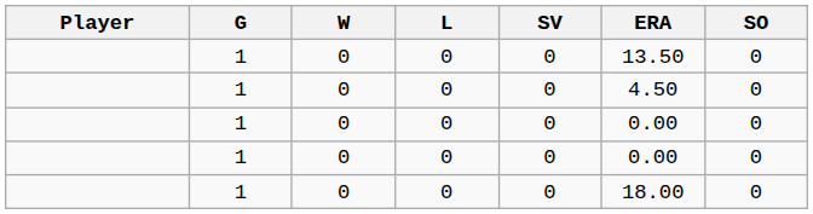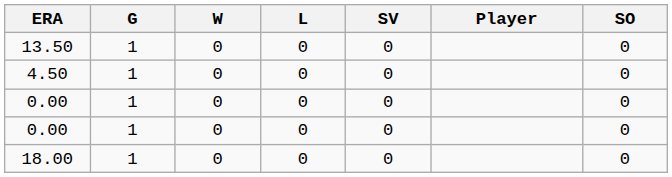 <table class="wikitable sortable">
 <tr>
-<th bgcolor="#DDDDFF" width="16%">Player</th>
+<th bgcolor="#DDDDFF" width="9%">ERA</th>
 <th bgcolor="#DDDDFF" width="9%">G</th>
 <th bgcolor="#DDDDFF" width="9%">W</th>
 <th bgcolor="#DDDDFF" width="9%">L</th>
 <th bgcolor="#DDDDFF" width="9%">SV</th>
-<th bgcolor="#DDDDFF" width="9%">ERA</th>
+<th bgcolor="#DDDDFF" width="16%">Player</th>
 <th bgcolor="#DDDDFF" width="9%">SO</th>
 </tr>
 <tr align="center">
-<td></td>
+<td>13.50</td>
 <td>1</td>
 <td>0</td>
 <td>0</td>
 <td>0</td>
-<td>13.50</td>
+<td></td>
 <td>0</td>
 </tr>
 <tr align="center">
-<td></td>
+<td>4.50</td>
 <td>1</td>
 <td>0</td>
 <td>0</td>
 <td>0</td>
-<td>4.50</td>
+<td></td>
 <td>0</td>
 </tr>
 <tr align="center">
-<td></td>
+<td>0.00</td>
 <td>1</td>
 <td>0</td>
 <td>0</td>
 <td>0</td>
-<td>0.00</td>
+<td></td>
 <td>0</td>
 </tr>
 <tr align="center">
-<td></td>
+<td>0.00</td>
 <td>1</td>
 <td>0</td>
 <td>0</td>
 <td>0</td>
-<td>0.00</td>
+<td></td>
 <td>0</td>
 </tr>
 <tr align="center">
-<td></td>
+<td>18.00</td>
 <td>1</td>
 <td>0</td>
 <td>0</td>
 <td>0</td>
-<td>18.00</td>
+<td></td>
 <td>0</td>
 </tr>
 </table>
